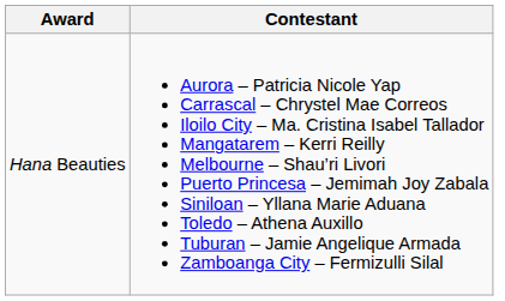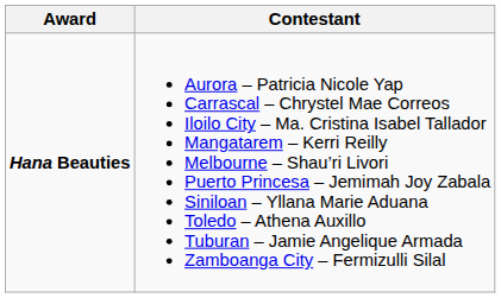 <table class="wikitable sortable" style="font-size: 95%;">
 <tr>
 <th>Award</th>
 <th>Contestant</th>
 </tr>
 <tr>
-<td><em>Hana</em> Beauties</td>
+<td><strong><em>Hana</em> Beauties</strong></td>
 <td><br><ul><li><a href='#'>Aurora</a> – Patricia Nicole Yap</li><li><a href='#'>Carrascal</a> – Chrystel Mae Correos</li><li><a href='#'>Iloilo City</a> – Ma. Cristina Isabel Tallador</li><li><a href='#'>Mangatarem</a> – Kerri Reilly</li><li><a href='#'>Melbourne</a> – Shau’ri Livori</li><li><a href='#'>Puerto Princesa</a> – Jemimah Joy Zabala</li><li><a href='#'>Siniloan</a> – Yllana Marie Aduana</li><li><a href='#'>Toledo</a> – Athena Auxillo</li><li><a href='#'>Tuburan</a> – Jamie Angelique Armada</li><li><a href='#'>Zamboanga City</a> – Fermizulli Silal</li></ul></td>
 </tr>
 </table>
